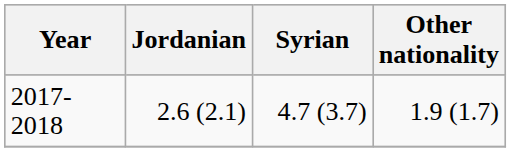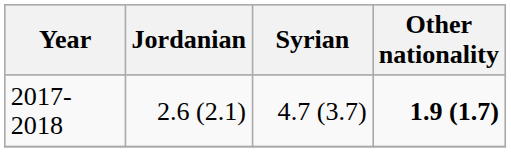 <table class="wikitable">
 <tr>
 <th style="width:50pt;">Year</th>
 <th style="width:50pt;">Jordanian</th>
 <th style="width:50pt;">Syrian</th>
 <th style="width:50pt;">Other nationality</th>
 </tr>
 <tr>
 <td>2017-2018</td>
 <td style="text-align:right;">2.6 (2.1)</td>
 <td style="text-align:right;">4.7 (3.7)</td>
-<td style="text-align:right;">1.9 (1.7)</td>
+<td style="text-align:right;"><strong>1.9 (1.7)</strong></td>
 </tr>
 <tr>
 </tr>
 </table>
